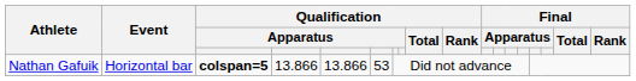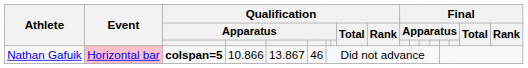 <table class="wikitable" style="font-size:90%">
 <tr>
 <th rowspan=3>Athlete</th>
 <th rowspan=3>Event</th>
 <th colspan =8>Qualification</th>
 <th colspan =8>Final</th>
 </tr>
 <tr style="font-size:95%">
 <th colspan=6>Apparatus</th>
 <th rowspan=2>Total</th>
 <th rowspan=2>Rank</th>
 <th colspan=6>Apparatus</th>
 <th rowspan=2>Total</th>
 <th rowspan=2>Rank</th>
 </tr>
 <tr style="font-size:95%">
 <th></th>
 <th></th>
 <th></th>
 <th></th>
 <th></th>
 <th></th>
 <th></th>
 <th></th>
 <th></th>
 <th></th>
 <th></th>
 <th></th>
 </tr>
 <tr align=center>
 <td align=left><a href='#'>Nathan Gafuik</a></td>
-<td align=left><a href='#'>Horizontal bar</a></td>
+<td align=left style="background: pink;"><a href='#'>Horizontal bar</a></td>
 <td><strong>colspan=5 </strong></td>
-<td>13.866</td>
-<td>13.866</td>
-<td>53</td>
+<td>10.866</td>
+<td>13.867</td>
+<td>46</td>
 <td colspan=8>Did not advance</td>
 </tr>
 </table>
